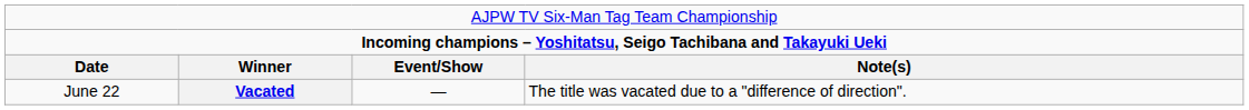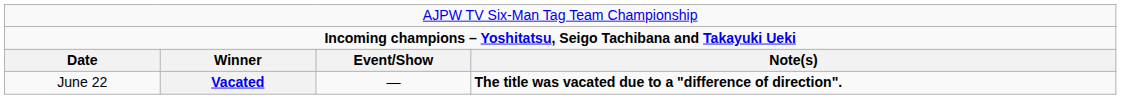 <table class="wikitable" style="text-align:center; width:100%;">
 <tr>
 <td colspan="4" style="text-align: center;"><a href='#'>AJPW TV Six-Man Tag Team Championship</a></td>
 </tr>
 <tr>
 <td colspan="4" style="text-align: center;"><strong>Incoming champions – <a href='#'>Yoshitatsu</a>, Seigo Tachibana and <a href='#'>Takayuki Ueki</a></strong></td>
 </tr>
 <tr>
 <th width=14%>Date</th>
 <th width=14%>Winner</th>
 <th width=14%>Event/Show</th>
 <th width=58%>Note(s)</th>
 </tr>
 <tr>
 <td>June 22</td>
 <th><a href='#'>Vacated</a></th>
 <td>—</td>
-<td align=left>The title was vacated due to a "difference of direction".</td>
+<td align=left><strong>The title was vacated due to a "difference of direction".</strong></td>
 </tr>
 </table>
